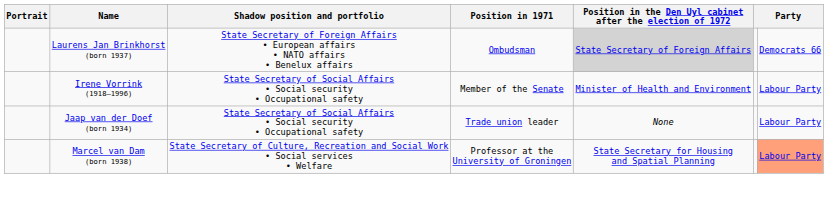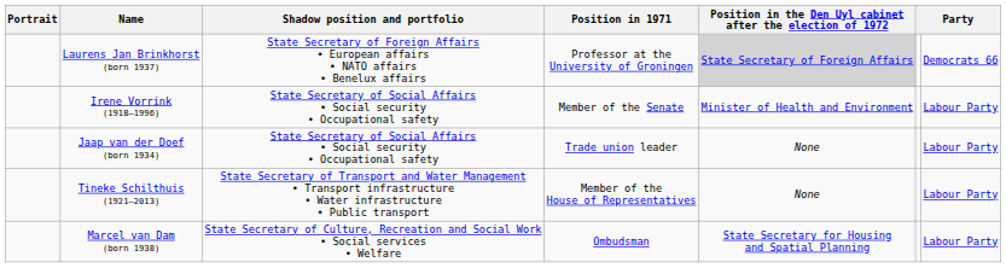 <table class="wikitable" style="text-align:center">
 <tr>
 <th>Portrait</th>
 <th>Name</th>
 <th>Shadow position and portfolio</th>
 <th>Position in 1971</th>
 <th>Position in the <a href='#'>Den Uyl cabinet</a> <br> after the <a href='#'>election of 1972</a></th>
 <th colspan=2>Party</th>
 </tr>
 <tr>
 <td></td>
 <td><a href='#'>Laurens Jan Brinkhorst</a> <br> <small>(born 1937)</small></td>
 <td><a href='#'>State Secretary of Foreign Affairs</a> <br> • European affairs <br> • NATO affairs <br> • Benelux affairs</td>
-<td><a href='#'>Ombudsman</a></td>
+<td>Professor at the <br> <a href='#'>University of Groningen</a></td>
 <td style="background: lightgrey;"><a href='#'>State Secretary of Foreign Affairs</a></td>
 <td style="background:"></td>
 <td><a href='#'>Democrats 66</a></td>
 </tr>
 <tr>
 <td></td>
 <td><a href='#'>Irene Vorrink</a> <br> <small>(1918–1996)</small></td>
 <td><a href='#'>State Secretary of Social Affairs</a> <br> • Social security <br> • Occupational safety</td>
 <td>Member of the <a href='#'>Senate</a></td>
 <td><a href='#'>Minister of Health and Environment</a></td>
 <td style="background:"></td>
 <td><a href='#'>Labour Party</a></td>
 </tr>
 <tr>
 <td></td>
 <td><a href='#'>Jaap van der Doef</a> <br> <small>(born 1934)</small></td>
 <td><a href='#'>State Secretary of Social Affairs</a> <br> • Social security <br> • Occupational safety</td>
 <td><a href='#'>Trade union</a> leader</td>
 <td><em>None</em></td>
 <td style="background:"></td>
 <td><a href='#'>Labour Party</a></td>
 </tr>
 <tr>
 <td></td>
+<td><a href='#'>Tineke Schilthuis</a> <br> <small>(1921–2013)</small></td>
+<td><a href='#'>State Secretary of Transport and Water Management</a> <br> • Transport infrastructure <br> • Water infrastructure <br> • Public transport</td>
+<td>Member of the <br> <a href='#'>House of Representatives</a></td>
+<td><em>None</em></td>
+<td style="background:"></td>
+<td><a href='#'>Labour Party</a></td>
+</tr>
+<tr>
+<td></td>
 <td><a href='#'>Marcel van Dam</a> <br> <small>(born 1938)</small></td>
 <td><a href='#'>State Secretary of Culture, Recreation and Social Work</a> <br> • Social services <br> • Welfare</td>
-<td>Professor at the <br> <a href='#'>University of Groningen</a></td>
+<td><a href='#'>Ombudsman</a></td>
 <td><a href='#'>State Secretary for Housing <br> and Spatial Planning</a></td>
 <td style="background:"></td>
-<td style="background: lightsalmon;"><a href='#'>Labour Party</a></td>
+<td><a href='#'>Labour Party</a></td>
 </tr>
 </table>
